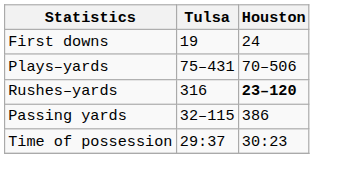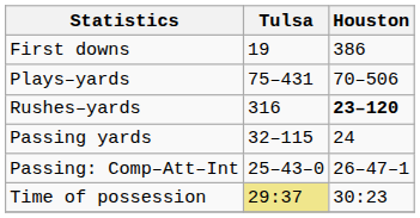 <table class="wikitable" style="float: left;">
 <tr>
 <th>Statistics</th>
 <th>Tulsa</th>
 <th>Houston</th>
 </tr>
 <tr>
 <td>First downs</td>
 <td>19</td>
-<td>24</td>
+<td>386</td>
 </tr>
 <tr>
 <td>Plays–yards</td>
 <td>75–431</td>
 <td>70–506</td>
 </tr>
 <tr>
 <td>Rushes–yards</td>
 <td>316</td>
 <td><strong>23–120</strong></td>
 </tr>
 <tr>
 <td>Passing yards</td>
 <td>32–115</td>
-<td>386</td>
+<td>24</td>
+</tr>
+<tr>
+<td>Passing: Comp–Att–Int</td>
+<td>25–43–0</td>
+<td>26–47–1</td>
 </tr>
 <tr>
 <td>Time of possession</td>
-<td>29:37</td>
+<td style="background: khaki;">29:37</td>
 <td>30:23</td>
 </tr>
 <tr>
 </tr>
 </table>
